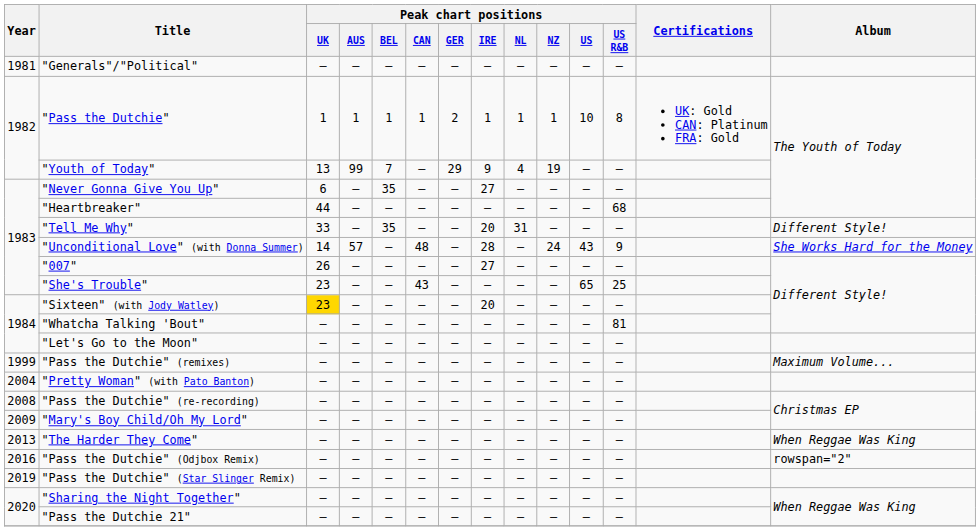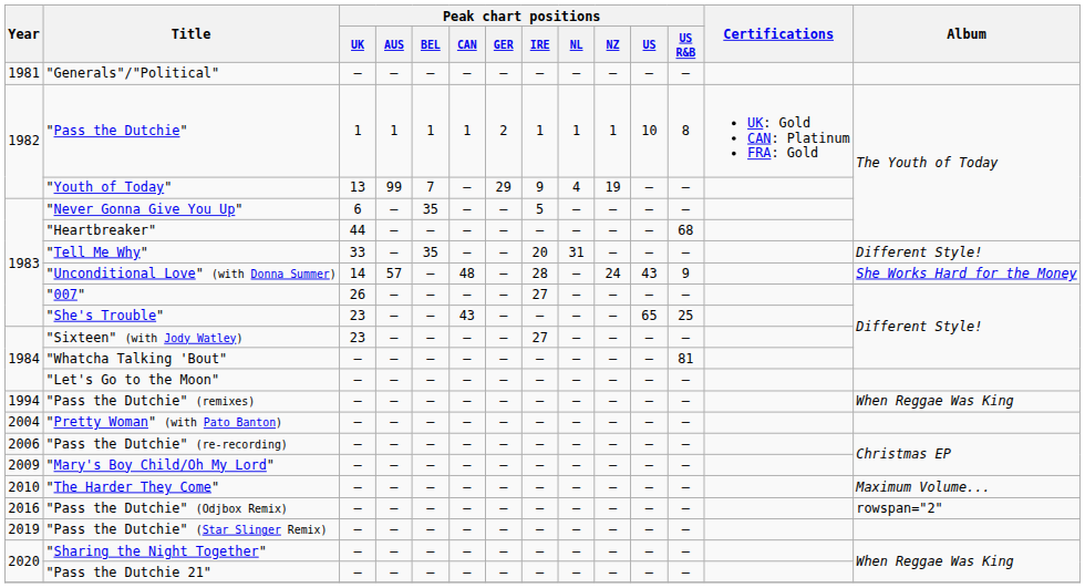 <table class="wikitable">
 <tr>
 <th rowspan="2">Year</th>
 <th rowspan="2">Title</th>
 <th colspan="10">Peak chart positions</th>
 <th rowspan="2"><a href='#'>Certifications</a></th>
 <th rowspan="2">Album</th>
 </tr>
 <tr>
 <th width="30"><small><a href='#'>UK</a></small><br></th>
 <th width="30"><small><a href='#'>AUS</a></small><br></th>
 <th width="30"><small><a href='#'>BEL</a></small><br></th>
 <th width="30"><small><a href='#'>CAN</a></small><br></th>
 <th width="30"><small><a href='#'>GER</a></small><br></th>
 <th width="30"><small><a href='#'>IRE</a></small><br></th>
 <th width="30"><small><a href='#'>NL</a></small><br></th>
 <th width="30"><small><a href='#'>NZ</a></small><br></th>
 <th width="30"><small><a href='#'>US</a></small><br></th>
 <th width="30"><small><a href='#'>US R&B</a></small><br></th>
 </tr>
 <tr>
 <td>1981</td>
 <td>"Generals"/"Political"</td>
 <td style="text-align:center;">—</td>
 <td style="text-align:center;">—</td>
 <td style="text-align:center;">—</td>
 <td style="text-align:center;">—</td>
 <td style="text-align:center;">—</td>
 <td style="text-align:center;">—</td>
 <td style="text-align:center;">—</td>
 <td style="text-align:center;">—</td>
 <td style="text-align:center;">—</td>
 <td style="text-align:center;">—</td>
 <td></td>
 <td></td>
 </tr>
 <tr>
 <td rowspan="2">1982</td>
 <td>"<a href='#'>Pass the Dutchie</a>"</td>
 <td style="text-align:center;">1</td>
 <td style="text-align:center;">1</td>
 <td style="text-align:center;">1</td>
 <td style="text-align:center;">1</td>
 <td style="text-align:center;">2</td>
 <td style="text-align:center;">1</td>
 <td style="text-align:center;">1</td>
 <td style="text-align:center;">1</td>
 <td style="text-align:center;">10</td>
 <td style="text-align:center;">8</td>
 <td><br><ul><li><a href='#'>UK</a>: Gold</li><li><a href='#'>CAN</a>: Platinum</li><li><a href='#'>FRA</a>: Gold</li></ul></td>
 <td rowspan="4"><em>The Youth of Today</em></td>
 </tr>
 <tr>
 <td>"<a href='#'>Youth of Today</a>"</td>
 <td style="text-align:center;">13</td>
 <td style="text-align:center;">99</td>
 <td style="text-align:center;">7</td>
 <td style="text-align:center;">—</td>
 <td style="text-align:center;">29</td>
 <td style="text-align:center;">9</td>
 <td style="text-align:center;">4</td>
 <td style="text-align:center;">19</td>
 <td style="text-align:center;">—</td>
 <td style="text-align:center;">—</td>
 <td></td>
 </tr>
 <tr>
 <td rowspan="6">1983</td>
 <td>"<a href='#'>Never Gonna Give You Up</a>"</td>
 <td style="text-align:center;">6</td>
 <td style="text-align:center;">—</td>
 <td style="text-align:center;">35</td>
 <td style="text-align:center;">—</td>
 <td style="text-align:center;">—</td>
-<td style="text-align:center;">27</td>
+<td style="text-align:center;">5</td>
 <td style="text-align:center;">—</td>
 <td style="text-align:center;">—</td>
 <td style="text-align:center;">—</td>
 <td style="text-align:center;">—</td>
 <td></td>
 </tr>
 <tr>
 <td>"Heartbreaker"</td>
 <td style="text-align:center;">44</td>
 <td style="text-align:center;">—</td>
 <td style="text-align:center;">—</td>
 <td style="text-align:center;">—</td>
 <td style="text-align:center;">—</td>
 <td style="text-align:center;">—</td>
 <td style="text-align:center;">—</td>
 <td style="text-align:center;">—</td>
 <td style="text-align:center;">—</td>
 <td style="text-align:center;">68</td>
 <td></td>
 </tr>
 <tr>
 <td>"<a href='#'>Tell Me Why</a>"</td>
 <td style="text-align:center;">33</td>
 <td style="text-align:center;">—</td>
 <td style="text-align:center;">35</td>
 <td style="text-align:center;">—</td>
 <td style="text-align:center;">—</td>
 <td style="text-align:center;">20</td>
 <td style="text-align:center;">31</td>
 <td style="text-align:center;">—</td>
 <td style="text-align:center;">—</td>
 <td style="text-align:center;">—</td>
 <td></td>
 <td><em>Different Style!</em></td>
 </tr>
 <tr>
 <td>"<a href='#'>Unconditional Love</a>" <small>(with <a href='#'>Donna Summer</a>)</small></td>
 <td style="text-align:center;">14</td>
 <td style="text-align:center;">57</td>
 <td style="text-align:center;">—</td>
 <td style="text-align:center;">48</td>
 <td style="text-align:center;">—</td>
 <td style="text-align:center;">28</td>
 <td style="text-align:center;">—</td>
 <td style="text-align:center;">24</td>
 <td style="text-align:center;">43</td>
 <td style="text-align:center;">9</td>
 <td></td>
 <td><em><a href='#'>She Works Hard for the Money</a></em></td>
 </tr>
 <tr>
 <td>"<a href='#'>007</a>"</td>
 <td style="text-align:center;">26</td>
 <td style="text-align:center;">—</td>
 <td style="text-align:center;">—</td>
 <td style="text-align:center;">—</td>
 <td style="text-align:center;">—</td>
 <td style="text-align:center;">27</td>
 <td style="text-align:center;">—</td>
 <td style="text-align:center;">—</td>
 <td style="text-align:center;">—</td>
 <td style="text-align:center;">—</td>
 <td></td>
 <td rowspan="4"><em>Different Style!</em></td>
 </tr>
 <tr>
 <td>"<a href='#'>She's Trouble</a>"</td>
 <td style="text-align:center;">23</td>
 <td style="text-align:center;">—</td>
 <td style="text-align:center;">—</td>
 <td style="text-align:center;">43</td>
 <td style="text-align:center;">—</td>
 <td style="text-align:center;">—</td>
 <td style="text-align:center;">—</td>
 <td style="text-align:center;">—</td>
 <td style="text-align:center;">65</td>
 <td style="text-align:center;">25</td>
 <td></td>
 </tr>
 <tr>
 <td rowspan="3">1984</td>
 <td>"Sixteen" <small>(with <a href='#'>Jody Watley</a>)</small></td>
-<td style="background: gold; text-align:center;">23</td>
+<td style="text-align:center;">23</td>
 <td style="text-align:center;">—</td>
 <td style="text-align:center;">—</td>
 <td style="text-align:center;">—</td>
 <td style="text-align:center;">—</td>
-<td style="text-align:center;">20</td>
+<td style="text-align:center;">27</td>
 <td style="text-align:center;">—</td>
 <td style="text-align:center;">—</td>
 <td style="text-align:center;">—</td>
 <td style="text-align:center;">—</td>
 <td></td>
 </tr>
 <tr>
 <td>"Whatcha Talking 'Bout"</td>
 <td style="text-align:center;">—</td>
 <td style="text-align:center;">—</td>
 <td style="text-align:center;">—</td>
 <td style="text-align:center;">—</td>
 <td style="text-align:center;">—</td>
 <td style="text-align:center;">—</td>
 <td style="text-align:center;">—</td>
 <td style="text-align:center;">—</td>
 <td style="text-align:center;">—</td>
 <td style="text-align:center;">81</td>
 <td></td>
 </tr>
 <tr>
 <td>"Let's Go to the Moon"</td>
 <td style="text-align:center;">—</td>
 <td style="text-align:center;">—</td>
 <td style="text-align:center;">—</td>
 <td style="text-align:center;">—</td>
 <td style="text-align:center;">—</td>
 <td style="text-align:center;">—</td>
 <td style="text-align:center;">—</td>
 <td style="text-align:center;">—</td>
 <td style="text-align:center;">—</td>
 <td style="text-align:center;">—</td>
 <td></td>
 <td></td>
 </tr>
 <tr>
-<td>1999</td>
+<td>1994</td>
 <td>"Pass the Dutchie" <small>(remixes)</small></td>
 <td style="text-align:center;">—</td>
 <td style="text-align:center;">—</td>
 <td style="text-align:center;">—</td>
 <td style="text-align:center;">—</td>
 <td style="text-align:center;">—</td>
 <td style="text-align:center;">—</td>
 <td style="text-align:center;">—</td>
 <td style="text-align:center;">—</td>
 <td style="text-align:center;">—</td>
 <td style="text-align:center;">—</td>
 <td></td>
-<td><em>Maximum Volume...</em></td>
+<td><em>When Reggae Was King</em></td>
 </tr>
 <tr>
 <td>2004</td>
 <td>"<a href='#'>Pretty Woman</a>" <small>(with <a href='#'>Pato Banton</a>)</small></td>
 <td style="text-align:center;">—</td>
 <td style="text-align:center;">—</td>
 <td style="text-align:center;">—</td>
 <td style="text-align:center;">—</td>
 <td style="text-align:center;">—</td>
 <td style="text-align:center;">—</td>
 <td style="text-align:center;">—</td>
 <td style="text-align:center;">—</td>
 <td style="text-align:center;">—</td>
 <td style="text-align:center;">—</td>
 <td></td>
 <td></td>
 </tr>
 <tr>
-<td>2008</td>
+<td>2006</td>
 <td>"Pass the Dutchie" <small>(re-recording)</small></td>
 <td style="text-align:center;">—</td>
 <td style="text-align:center;">—</td>
 <td style="text-align:center;">—</td>
 <td style="text-align:center;">—</td>
 <td style="text-align:center;">—</td>
 <td style="text-align:center;">—</td>
 <td style="text-align:center;">—</td>
 <td style="text-align:center;">—</td>
 <td style="text-align:center;">—</td>
 <td style="text-align:center;">—</td>
 <td></td>
 <td rowspan="2"><em>Christmas EP</em></td>
 </tr>
 <tr>
 <td>2009</td>
 <td>"<a href='#'>Mary's Boy Child/Oh My Lord</a>"</td>
 <td style="text-align:center;">—</td>
 <td style="text-align:center;">—</td>
 <td style="text-align:center;">—</td>
 <td style="text-align:center;">—</td>
 <td style="text-align:center;">—</td>
 <td style="text-align:center;">—</td>
 <td style="text-align:center;">—</td>
 <td style="text-align:center;">—</td>
 <td style="text-align:center;">—</td>
 <td style="text-align:center;">—</td>
 <td></td>
 </tr>
 <tr>
-<td>2013</td>
+<td>2010</td>
 <td>"<a href='#'>The Harder They Come</a>"</td>
 <td style="text-align:center;">—</td>
 <td style="text-align:center;">—</td>
 <td style="text-align:center;">—</td>
 <td style="text-align:center;">—</td>
 <td style="text-align:center;">—</td>
 <td style="text-align:center;">—</td>
 <td style="text-align:center;">—</td>
 <td style="text-align:center;">—</td>
 <td style="text-align:center;">—</td>
 <td style="text-align:center;">—</td>
 <td></td>
-<td><em>When Reggae Was King</em></td>
+<td><em>Maximum Volume...</em></td>
 </tr>
 <tr>
 <td>2016</td>
 <td>"Pass the Dutchie" <small>(Odjbox Remix)</small></td>
 <td style="text-align:center;">—</td>
 <td style="text-align:center;">—</td>
 <td style="text-align:center;">—</td>
 <td style="text-align:center;">—</td>
 <td style="text-align:center;">—</td>
 <td style="text-align:center;">—</td>
 <td style="text-align:center;">—</td>
 <td style="text-align:center;">—</td>
 <td style="text-align:center;">—</td>
 <td style="text-align:center;">—</td>
 <td></td>
 <td>rowspan="2" </td>
 </tr>
 <tr>
 <td>2019</td>
 <td>"Pass the Dutchie" <small>(<a href='#'>Star Slinger</a> Remix)</small></td>
 <td style="text-align:center;">—</td>
 <td style="text-align:center;">—</td>
 <td style="text-align:center;">—</td>
 <td style="text-align:center;">—</td>
 <td style="text-align:center;">—</td>
 <td style="text-align:center;">—</td>
 <td style="text-align:center;">—</td>
 <td style="text-align:center;">—</td>
 <td style="text-align:center;">—</td>
 <td style="text-align:center;">—</td>
 <td></td>
 </tr>
 <tr>
 <td rowspan="2">2020</td>
 <td>"<a href='#'>Sharing the Night Together</a>"</td>
 <td style="text-align:center;">—</td>
 <td style="text-align:center;">—</td>
 <td style="text-align:center;">—</td>
 <td style="text-align:center;">—</td>
 <td style="text-align:center;">—</td>
 <td style="text-align:center;">—</td>
 <td style="text-align:center;">—</td>
 <td style="text-align:center;">—</td>
 <td style="text-align:center;">—</td>
 <td style="text-align:center;">—</td>
 <td></td>
 <td rowspan="2"><em>When Reggae Was King</em></td>
 </tr>
 <tr>
 <td>"Pass the Dutchie 21"</td>
 <td style="text-align:center;">—</td>
 <td style="text-align:center;">—</td>
 <td style="text-align:center;">—</td>
 <td style="text-align:center;">—</td>
 <td style="text-align:center;">—</td>
 <td style="text-align:center;">—</td>
 <td style="text-align:center;">—</td>
 <td style="text-align:center;">—</td>
 <td style="text-align:center;">—</td>
 <td style="text-align:center;">—</td>
 <td></td>
 </tr>
 <tr>
 </tr>
 </table>
